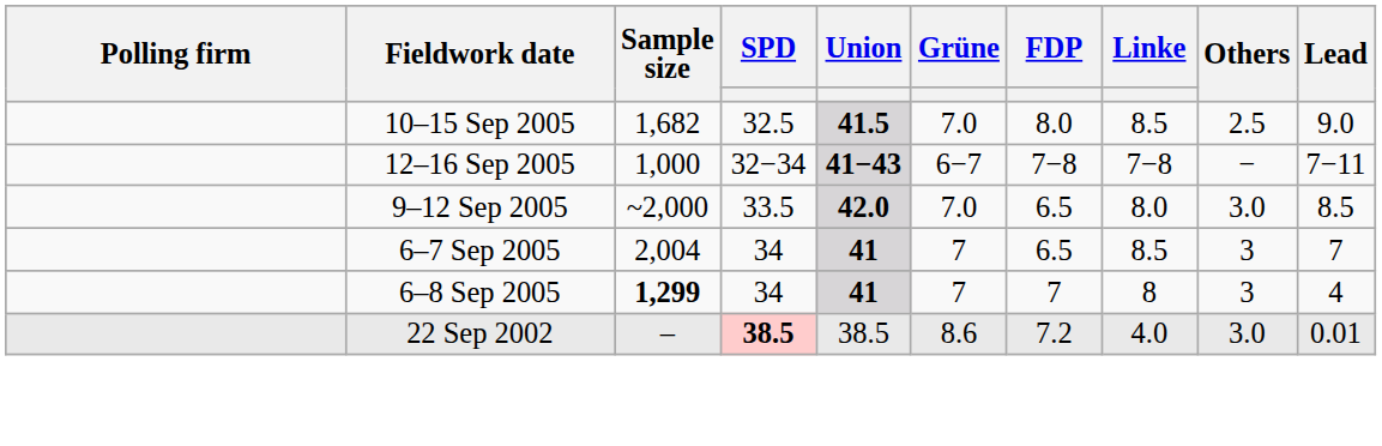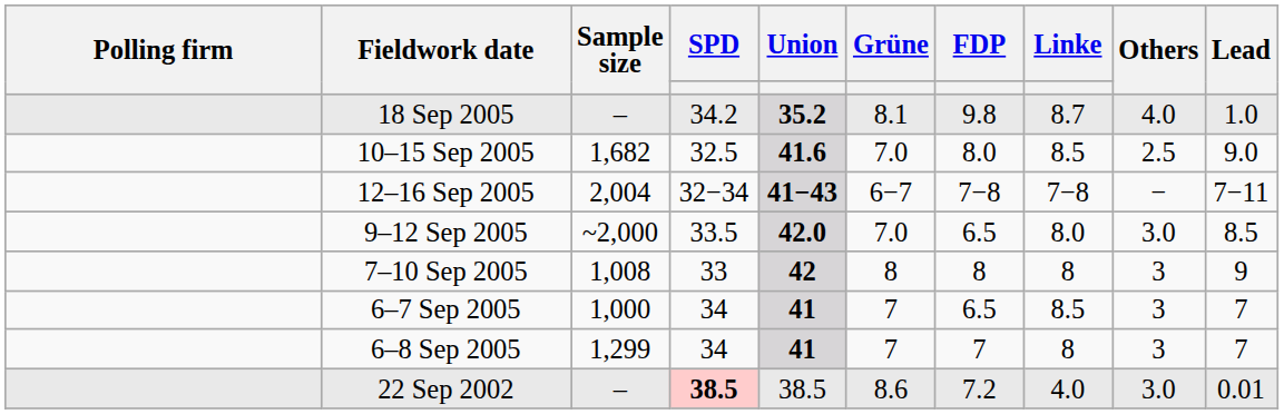 <table class="wikitable sortable" style="text-align:center;font-size:90%;line-height:14px;">
 <tr style="height:40px;">
 <th style="width:160px;" rowspan="2">Polling firm</th>
 <th style="width:125px;" rowspan="2">Fieldwork date</th>
 <th style="width:35px;" rowspan="2">Sample<br>size</th>
 <th class="unsortable" style="width:40px;"><a href='#'>SPD</a></th>
 <th class="unsortable" style="width:40px;"><a href='#'>Union</a></th>
 <th class="unsortable" style="width:40px;"><a href='#'>Grüne</a></th>
 <th class="unsortable" style="width:40px;"><a href='#'>FDP</a></th>
 <th class="unsortable" style="width:40px;"><a href='#'>Linke</a></th>
 <th class="unsortable" style="width:40px;" rowspan="2">Others</th>
 <th style="width:30px;" rowspan="2">Lead</th>
 </tr>
 <tr>
 <th style="background:"></th>
 <th style="background:"></th>
 <th style="background:"></th>
 <th style="background:"></th>
 <th style="background:"></th>
 </tr>
+<tr style="background:#E9E9E9;">
+<td></td>
+<td data-sort-value="2005-09-18">18 Sep 2005</td>
+<td>–</td>
+<td>34.2</td>
+<td style="background:#D7D5D7"><strong>35.2</strong></td>
+<td>8.1</td>
+<td>9.8</td>
+<td>8.7</td>
+<td>4.0</td>
+<td style="background:">1.0</td>
+</tr>
 <tr>
 <td></td>
 <td data-sort-value="2005-09-16">10–15 Sep 2005</td>
 <td>1,682</td>
 <td>32.5</td>
-<td style="background:#D7D5D7"><strong>41.5</strong></td>
+<td style="background:#D7D5D7"><strong>41.6</strong></td>
 <td>7.0</td>
 <td>8.0</td>
 <td>8.5</td>
 <td>2.5</td>
 <td style="background:">9.0</td>
 </tr>
 <tr>
 <td></td>
 <td data-sort-value="2005-09-16">12–16 Sep 2005</td>
-<td>1,000</td>
+<td>2,004</td>
 <td>32−34</td>
 <td style="background:#D7D5D7"><strong>41−43</strong></td>
 <td>6−7</td>
 <td>7−8</td>
 <td>7−8</td>
 <td>−</td>
 <td style="background:">7−11</td>
 </tr>
 <tr>
 <td></td>
 <td data-sort-value="2005-09-13">9–12 Sep 2005</td>
 <td>~2,000</td>
 <td>33.5</td>
 <td style="background:#D7D5D7"><strong>42.0</strong></td>
 <td>7.0</td>
 <td>6.5</td>
 <td>8.0</td>
 <td>3.0</td>
 <td style="background:">8.5</td>
 </tr>
 <tr>
 <td></td>
+<td data-sort-value="2005-09-12">7–10 Sep 2005</td>
+<td>1,008</td>
+<td>33</td>
+<td style="background:#D7D5D7"><strong>42</strong></td>
+<td>8</td>
+<td>8</td>
+<td>8</td>
+<td>3</td>
+<td style="background:">9</td>
+</tr>
+<tr>
+<td></td>
 <td data-sort-value="2005-09-08">6–7 Sep 2005</td>
-<td>2,004</td>
+<td>1,000</td>
 <td>34</td>
 <td style="background:#D7D5D7"><strong>41</strong></td>
 <td>7</td>
 <td>6.5</td>
 <td>8.5</td>
 <td>3</td>
 <td style="background:">7</td>
 </tr>
 <tr>
 <td></td>
 <td data-sort-value="2005-09-09">6–8 Sep 2005</td>
-<td><strong>1,299</strong></td>
+<td>1,299</td>
 <td>34</td>
 <td style="background:#D7D5D7"><strong>41</strong></td>
 <td>7</td>
 <td>7</td>
 <td>8</td>
 <td>3</td>
-<td style="background:">4</td>
+<td style="background:">7</td>
 </tr>
 <tr style="background:#E9E9E9;">
 <td></td>
 <td data-sort-value="2002-09-22">22 Sep 2002</td>
 <td>–</td>
 <td style="background:#FFCCCC"><strong>38.5</strong></td>
 <td>38.5</td>
 <td>8.6</td>
 <td>7.2</td>
 <td>4.0</td>
 <td>3.0</td>
 <td style="background:">0.01</td>
 </tr>
 </table>
